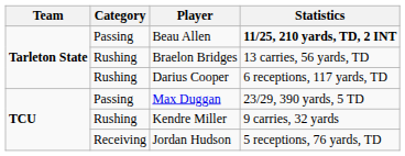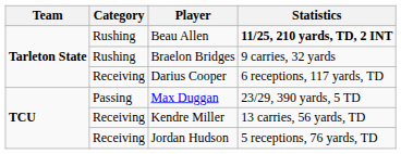 <table class="wikitable" style="float: right;">
 <tr>
 <th>Team</th>
 <th>Category</th>
 <th>Player</th>
 <th>Statistics</th>
 </tr>
 <tr>
 <td rowspan=3><strong>Tarleton State</strong></td>
-<td>Passing</td>
+<td>Rushing</td>
 <td>Beau Allen</td>
 <td><strong>11/25, 210 yards, TD, 2 INT</strong></td>
 </tr>
 <tr>
 <td>Rushing</td>
 <td>Braelon Bridges</td>
-<td>13 carries, 56 yards, TD</td>
+<td>9 carries, 32 yards</td>
 </tr>
 <tr>
-<td>Rushing</td>
+<td>Receiving</td>
 <td>Darius Cooper</td>
 <td>6 receptions, 117 yards, TD</td>
 </tr>
 <tr>
 <td rowspan=3><strong>TCU</strong></td>
 <td>Passing</td>
 <td><a href='#'>Max Duggan</a></td>
 <td>23/29, 390 yards, 5 TD</td>
 </tr>
 <tr>
-<td>Rushing</td>
+<td>Receiving</td>
 <td>Kendre Miller</td>
-<td>9 carries, 32 yards</td>
+<td>13 carries, 56 yards, TD</td>
 </tr>
 <tr>
 <td>Receiving</td>
 <td>Jordan Hudson</td>
 <td>5 receptions, 76 yards, TD</td>
 </tr>
 </table>
